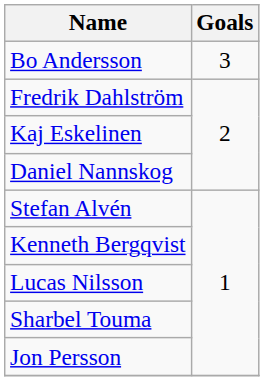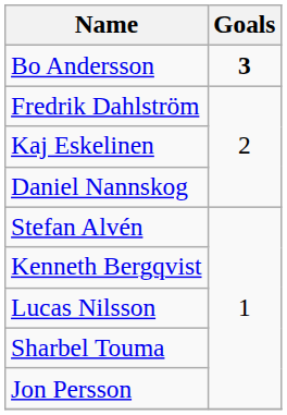 <table class="wikitable">
 <tr>
 <th>Name</th>
 <th>Goals</th>
 </tr>
 <tr>
 <td> <a href='#'>Bo Andersson</a></td>
-<td style="text-align:center;">3</td>
+<td style="text-align:center;"><strong>3</strong></td>
 </tr>
 <tr>
 <td> <a href='#'>Fredrik Dahlström</a></td>
 <td rowspan="3" style="text-align:center;">2</td>
 </tr>
 <tr>
 <td> <a href='#'>Kaj Eskelinen</a></td>
 </tr>
 <tr>
 <td> <a href='#'>Daniel Nannskog</a></td>
 </tr>
 <tr>
 <td> <a href='#'>Stefan Alvén</a></td>
 <td rowspan="5" style="text-align:center;">1</td>
 </tr>
 <tr>
 <td> <a href='#'>Kenneth Bergqvist</a></td>
 </tr>
 <tr>
 <td> <a href='#'>Lucas Nilsson</a></td>
 </tr>
 <tr>
 <td> <a href='#'>Sharbel Touma</a></td>
 </tr>
 <tr>
 <td> <a href='#'>Jon Persson</a></td>
 </tr>
 <tr>
 </tr>
 </table>
